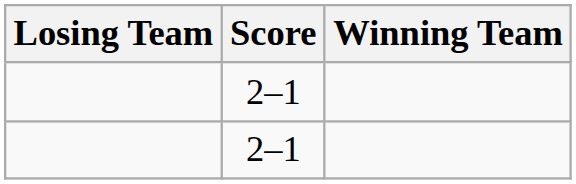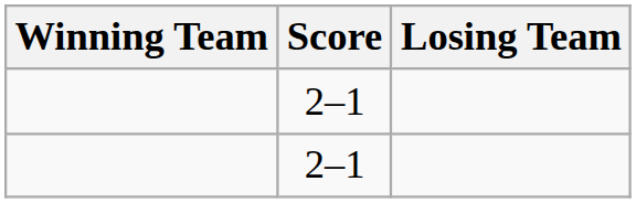 <table class=wikitable style="border:1px solid #AAAAAA;">
 <tr>
+<th>Winning Team</th>
+<th>Score</th>
 <th>Losing Team</th>
-<th>Score</th>
-<th>Winning Team</th>
 </tr>
 <tr>
+<td><strong></strong></td>
+<td align="center">2–1</td>
 <td></td>
-<td align="center">2–1</td>
-<td><strong></strong></td>
 </tr>
 <tr>
+<td><strong></strong></td>
+<td align="center">2–1</td>
 <td></td>
-<td align="center">2–1</td>
-<td><strong></strong></td>
 </tr>
 </table>
